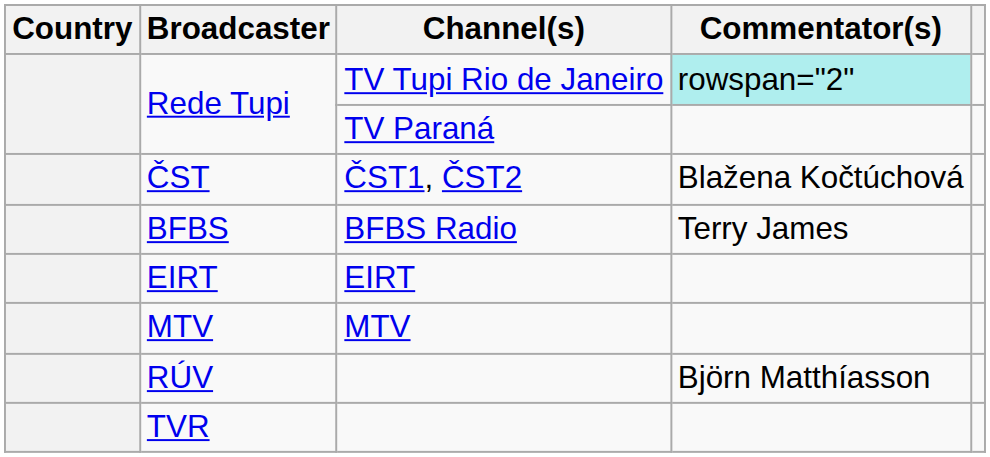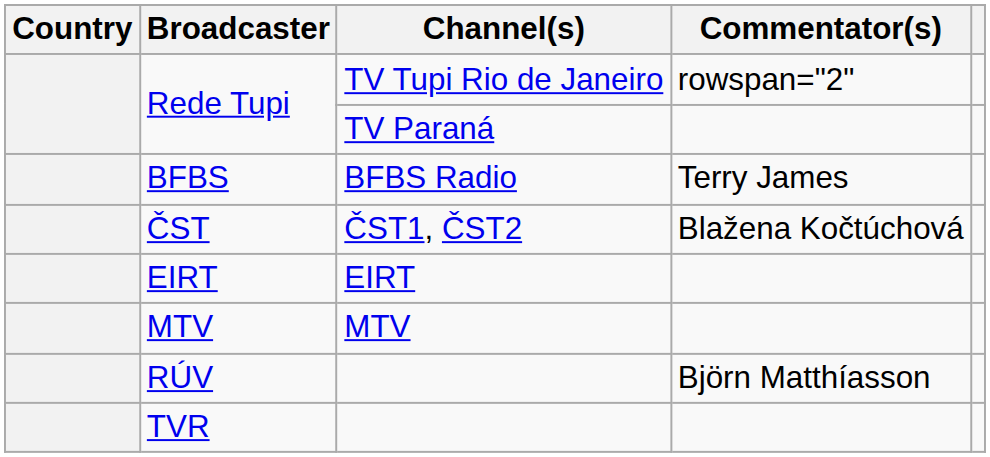 <table class="wikitable plainrowheaders">
 <tr>
 </tr>
 <tr>
 <th scope="col">Country</th>
 <th scope="col">Broadcaster</th>
 <th scope="col">Channel(s)</th>
 <th scope="col">Commentator(s)</th>
 <th scope="col"></th>
 </tr>
 <tr>
 <th scope="rowgroup" rowspan="2"></th>
 <td rowspan="2"><a href='#'>Rede Tupi</a></td>
 <td><a href='#'>TV Tupi Rio de Janeiro</a></td>
-<td style="background: paleturquoise;">rowspan="2" </td>
+<td>rowspan="2" </td>
 <td style="text-align:center"></td>
 </tr>
 <tr>
 <td><a href='#'>TV Paraná</a></td>
 <td style="text-align:center"></td>
 </tr>
 <tr>
 <th scope="row"></th>
-<td><a href='#'>ČST</a></td>
-<td><a href='#'>ČST1</a>, <a href='#'>ČST2</a></td>
-<td>Blažena Kočtúchová</td>
+<td><a href='#'>BFBS</a></td>
+<td><a href='#'>BFBS Radio</a></td>
+<td>Terry James</td>
 <td style="text-align:center"></td>
 </tr>
 <tr>
 <th scope="row"></th>
-<td><a href='#'>BFBS</a></td>
-<td><a href='#'>BFBS Radio</a></td>
-<td>Terry James</td>
+<td><a href='#'>ČST</a></td>
+<td><a href='#'>ČST1</a>, <a href='#'>ČST2</a></td>
+<td>Blažena Kočtúchová</td>
 <td style="text-align:center"></td>
 </tr>
 <tr>
 <th scope="row"></th>
 <td><a href='#'>EIRT</a></td>
 <td><a href='#'>EIRT</a></td>
 <td></td>
 <td style="text-align:center"></td>
 </tr>
 <tr>
 <th scope="row"></th>
 <td><a href='#'>MTV</a></td>
 <td><a href='#'>MTV</a></td>
 <td></td>
 <td style="text-align:center"></td>
 </tr>
 <tr>
 <th scope="row"></th>
 <td><a href='#'>RÚV</a></td>
 <td></td>
 <td>Björn Matthíasson</td>
 <td style="text-align:center"></td>
 </tr>
 <tr>
 <th scope="row"></th>
 <td><a href='#'>TVR</a></td>
 <td></td>
 <td></td>
 <td style="text-align:center"></td>
 </tr>
 </table>
